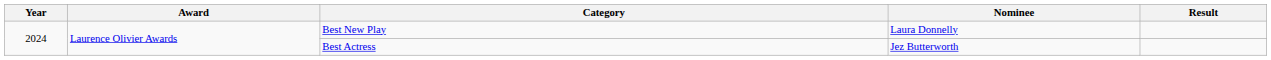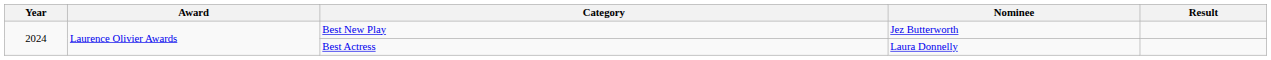 <table class="wikitable" width="95%">
 <tr>
 <th width="5%">Year</th>
 <th width="20%">Award</th>
 <th width="45%">Category</th>
 <th width="20%">Nominee</th>
 <th width="10%">Result</th>
 </tr>
 <tr>
 <td rowspan="2" style="text-align:center;">2024</td>
 <td rowspan="2"><a href='#'>Laurence Olivier Awards</a></td>
 <td><a href='#'>Best New Play</a></td>
-<td><a href='#'>Laura Donnelly</a></td>
+<td><a href='#'>Jez Butterworth</a></td>
 <td></td>
 </tr>
 <tr>
 <td><a href='#'>Best Actress</a></td>
-<td><a href='#'>Jez Butterworth</a></td>
+<td><a href='#'>Laura Donnelly</a></td>
 <td></td>
 </tr>
 </table>
